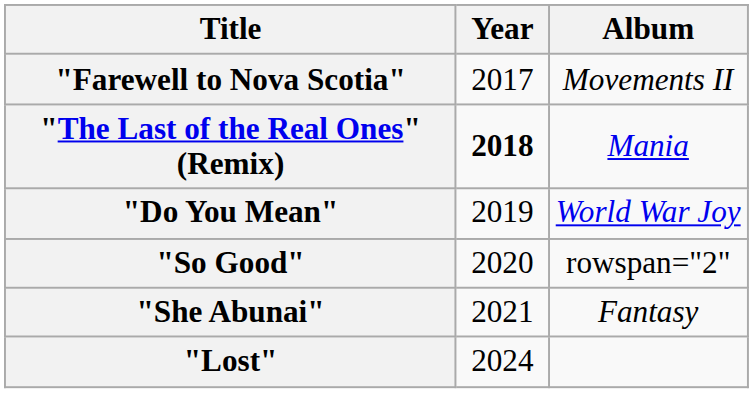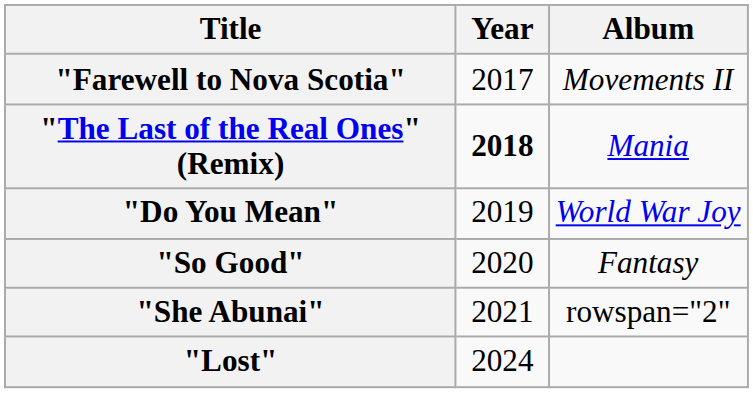 <table class="wikitable plainrowheaders" style="text-align:center;">
 <tr>
 <th scope="col" style="width:14em;">Title</th>
 <th scope="col" style="width:2.5em;">Year</th>
 <th scope="col">Album</th>
 </tr>
 <tr>
 <th scope="row">"Farewell to Nova Scotia"<br></th>
 <td>2017</td>
 <td><em>Movements II</em></td>
 </tr>
 <tr>
 <th scope="row">"<a href='#'>The Last of the Real Ones</a>" (Remix)<br></th>
 <td><strong>2018</strong></td>
 <td><em><a href='#'>Mania</a></em></td>
 </tr>
 <tr>
 <th scope="row">"Do You Mean"<br></th>
 <td>2019</td>
 <td><em><a href='#'>World War Joy</a></em></td>
 </tr>
 <tr>
 <th scope="row">"So Good"<br></th>
 <td>2020</td>
-<td>rowspan="2" </td>
+<td><em>Fantasy</em></td>
 </tr>
 <tr>
 <th scope="row">"She Abunai"<br></th>
 <td>2021</td>
-<td><em>Fantasy</em></td>
+<td>rowspan="2" </td>
 </tr>
 <tr>
 <th scope="row">"Lost"<br></th>
 <td>2024</td>
 </tr>
 </table>
